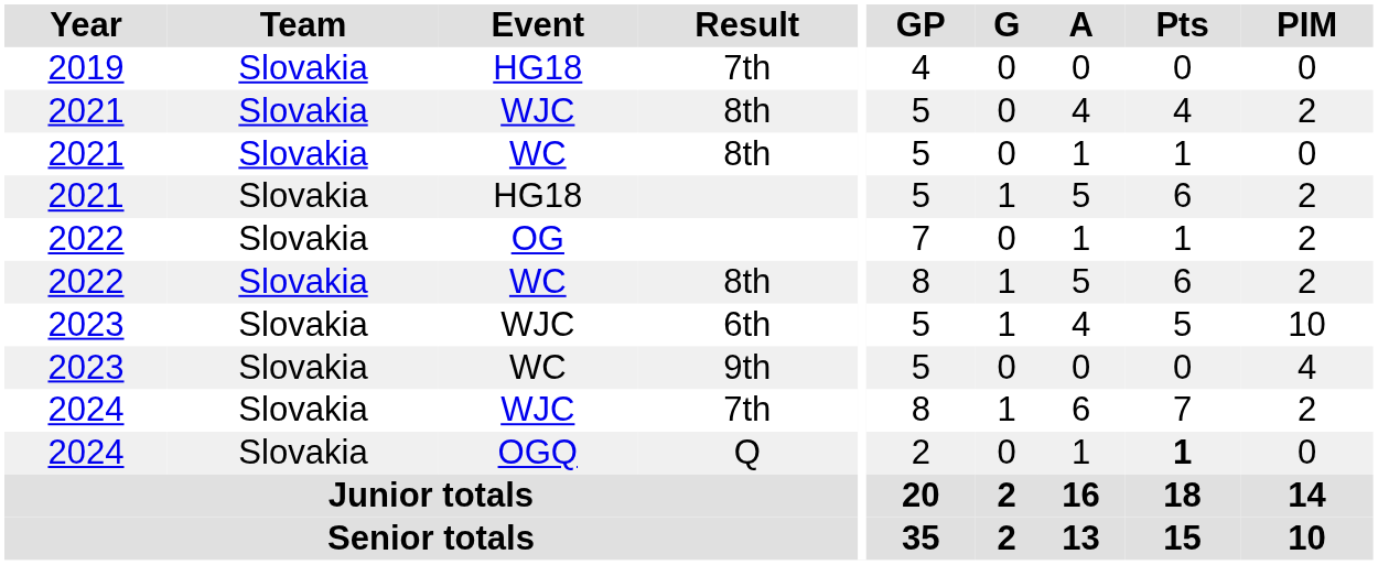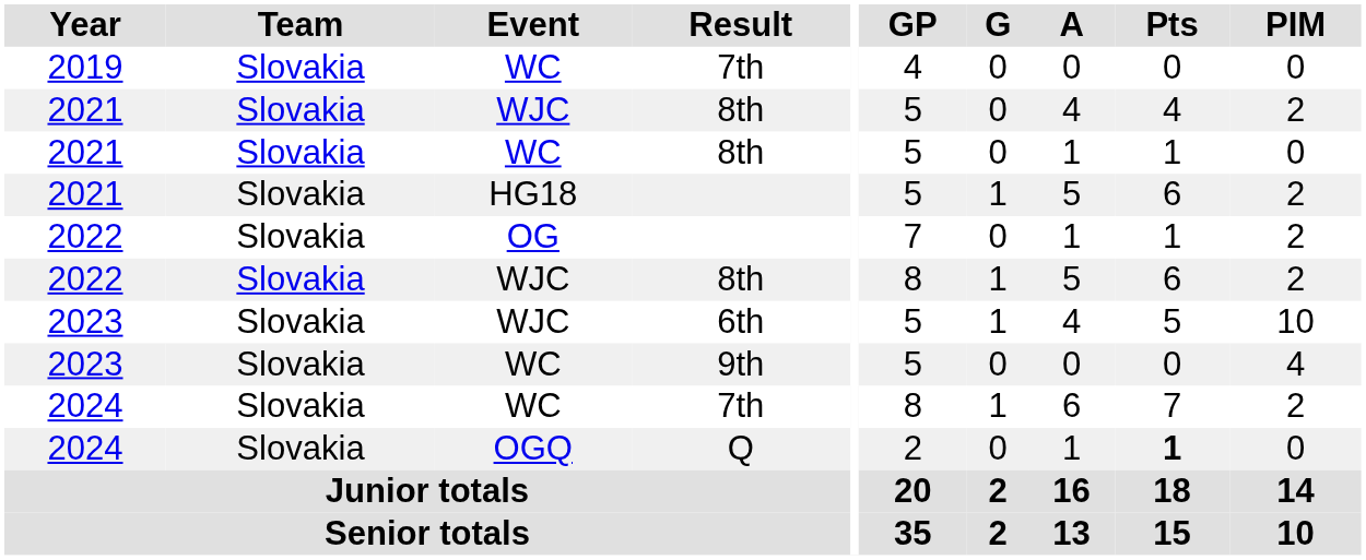 <table border="0" cellpadding="1" cellspacing="0" ID="Table3" style="text-align:center; width:40em">
 <tr bgcolor="#e0e0e0">
 <th>Year</th>
 <th>Team</th>
 <th>Event</th>
 <th>Result</th>
 <th rowspan="99" bgcolor="#fff"></th>
 <th>GP</th>
 <th>G</th>
 <th>A</th>
 <th>Pts</th>
 <th>PIM</th>
 </tr>
 <tr>
 <td><a href='#'>2019</a></td>
 <td><a href='#'>Slovakia</a></td>
-<td><a href='#'>HG18</a></td>
+<td><a href='#'>WC</a></td>
 <td>7th</td>
 <td>4</td>
 <td>0</td>
 <td>0</td>
 <td>0</td>
 <td>0</td>
 </tr>
 <tr bgcolor="#f0f0f0">
 <td><a href='#'>2021</a></td>
 <td><a href='#'>Slovakia</a></td>
 <td><a href='#'>WJC</a></td>
 <td>8th</td>
 <td>5</td>
 <td>0</td>
 <td>4</td>
 <td>4</td>
 <td>2</td>
 </tr>
 <tr>
 <td><a href='#'>2021</a></td>
 <td><a href='#'>Slovakia</a></td>
 <td><a href='#'>WC</a></td>
 <td>8th</td>
 <td>5</td>
 <td>0</td>
 <td>1</td>
 <td>1</td>
 <td>0</td>
 </tr>
 <tr bgcolor="#f0f0f0">
 <td><a href='#'>2021</a></td>
 <td>Slovakia</td>
 <td>HG18</td>
 <td></td>
 <td>5</td>
 <td>1</td>
 <td>5</td>
 <td>6</td>
 <td>2</td>
 </tr>
 <tr>
 <td><a href='#'>2022</a></td>
 <td>Slovakia</td>
 <td><a href='#'>OG</a></td>
 <td></td>
 <td>7</td>
 <td>0</td>
 <td>1</td>
 <td>1</td>
 <td>2</td>
 </tr>
 <tr bgcolor="#f0f0f0">
 <td><a href='#'>2022</a></td>
 <td><a href='#'>Slovakia</a></td>
-<td><a href='#'>WC</a></td>
+<td>WJC</td>
 <td>8th</td>
 <td>8</td>
 <td>1</td>
 <td>5</td>
 <td>6</td>
 <td>2</td>
 </tr>
 <tr>
 <td><a href='#'>2023</a></td>
 <td>Slovakia</td>
 <td>WJC</td>
 <td>6th</td>
 <td>5</td>
 <td>1</td>
 <td>4</td>
 <td>5</td>
 <td>10</td>
 </tr>
 <tr bgcolor="#f0f0f0">
 <td><a href='#'>2023</a></td>
 <td>Slovakia</td>
 <td>WC</td>
 <td>9th</td>
 <td>5</td>
 <td>0</td>
 <td>0</td>
 <td>0</td>
 <td>4</td>
 </tr>
 <tr>
 <td><a href='#'>2024</a></td>
 <td>Slovakia</td>
-<td><a href='#'>WJC</a></td>
+<td>WC</td>
 <td>7th</td>
 <td>8</td>
 <td>1</td>
 <td>6</td>
 <td>7</td>
 <td>2</td>
 </tr>
 <tr bgcolor="#f0f0f0">
 <td><a href='#'>2024</a></td>
 <td>Slovakia</td>
 <td><a href='#'>OGQ</a></td>
 <td>Q</td>
 <td>2</td>
 <td>0</td>
 <td>1</td>
 <td><strong>1</strong></td>
 <td>0</td>
 </tr>
 <tr bgcolor="#e0e0e0">
 <th colspan="4">Junior totals</th>
 <th>20</th>
 <th>2</th>
 <th>16</th>
 <th>18</th>
 <th>14</th>
 </tr>
 <tr bgcolor="#e0e0e0">
 <th colspan="4">Senior totals</th>
 <th>35</th>
 <th>2</th>
 <th>13</th>
 <th>15</th>
 <th>10</th>
 </tr>
 </table>
